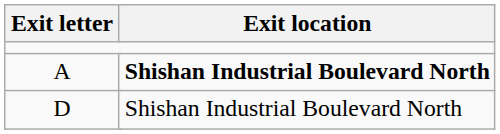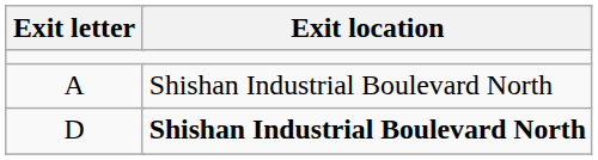 <table class="wikitable">
 <tr>
 <th style="width:70px" colspan=2>Exit letter</th>
 <th>Exit location</th>
 </tr>
 <tr style="background:#">
 <td colspan="4"></td>
 </tr>
 <tr>
 <td align=center colspan=2>A</td>
-<td><strong>Shishan Industrial Boulevard North</strong></td>
+<td>Shishan Industrial Boulevard North</td>
 </tr>
 <tr>
 <td align=center colspan=2>D</td>
-<td>Shishan Industrial Boulevard North</td>
+<td><strong>Shishan Industrial Boulevard North</strong></td>
 </tr>
 </table>
